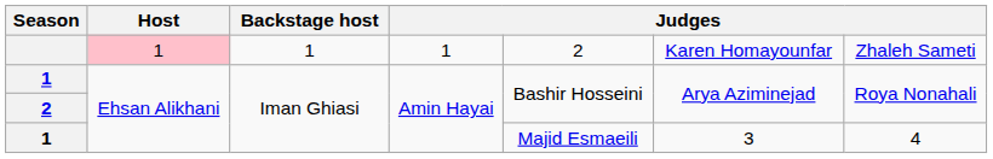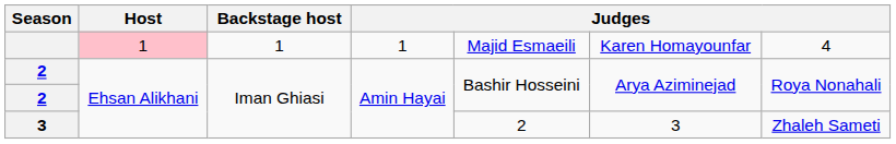 <table class="wikitable" style="text-align:center; font-size:90%; width: 60%;">
 <tr>
 <th>Season</th>
 <th>Host</th>
 <th>Backstage host</th>
 <th colspan="4">Judges</th>
 </tr>
 <tr>
 <th></th>
 <td style="background: pink;">1</td>
 <td>1</td>
 <td>1</td>
-<td>2</td>
+<td><a href='#'>Majid Esmaeili</a></td>
 <td><a href='#'>Karen Homayounfar</a></td>
-<td><a href='#'>Zhaleh Sameti</a></td>
+<td>4</td>
 </tr>
 <tr>
-<th scope="row"><a href='#'>1</a></th>
+<th scope="row"><a href='#'>2</a></th>
 <td rowspan="3"><a href='#'>Ehsan Alikhani</a></td>
 <td rowspan="3">Iman Ghiasi</td>
 <td rowspan="3"><a href='#'>Amin Hayai</a></td>
 <td rowspan="2">Bashir Hosseini</td>
 <td rowspan="2"><a href='#'>Arya Aziminejad</a></td>
 <td rowspan="2"><a href='#'>Roya Nonahali</a></td>
 </tr>
 <tr>
 <th scope="row"><a href='#'>2</a></th>
 </tr>
 <tr>
-<th>1</th>
-<td><a href='#'>Majid Esmaeili</a></td>
+<th>3</th>
+<td>2</td>
 <td>3</td>
-<td>4</td>
+<td><a href='#'>Zhaleh Sameti</a></td>
 </tr>
 </table>
